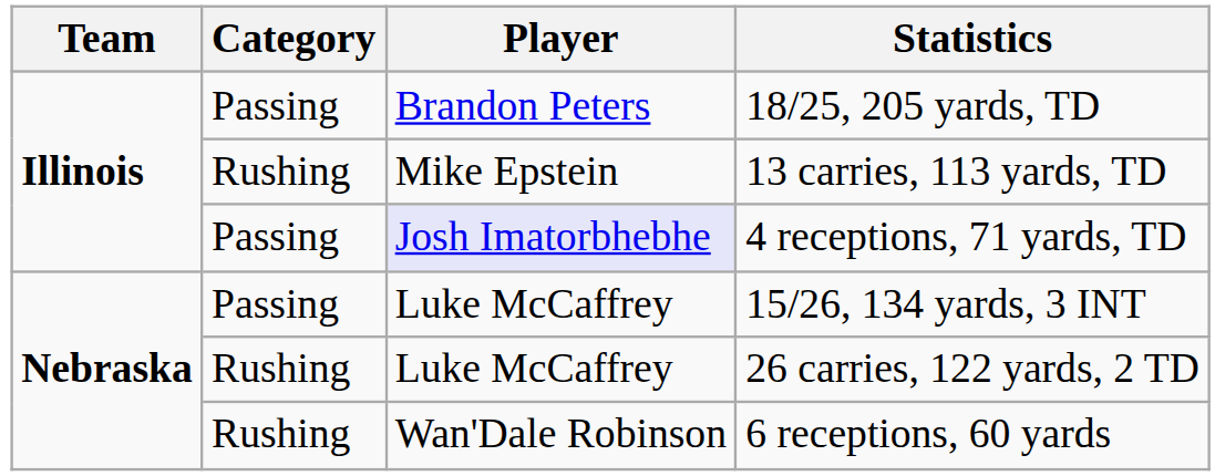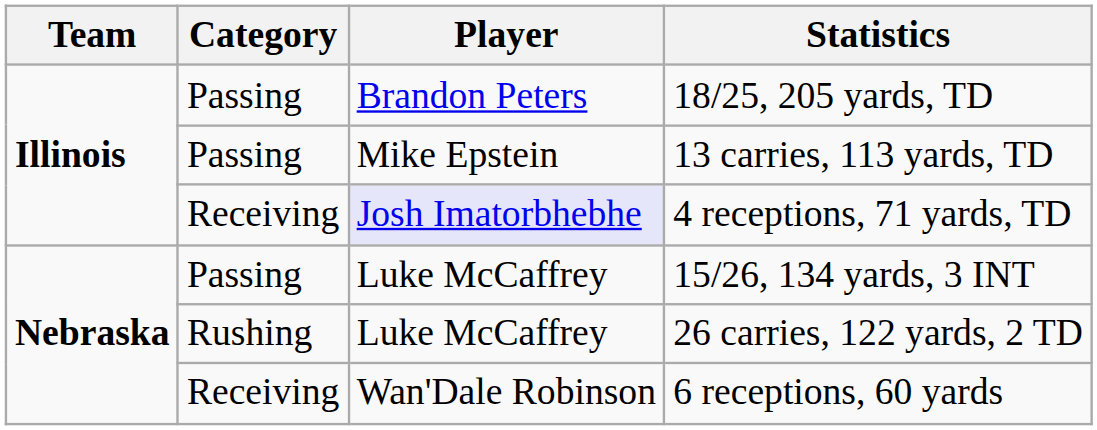 <table class="wikitable" style="float: right;">
 <tr>
 <th>Team</th>
 <th>Category</th>
 <th>Player</th>
 <th>Statistics</th>
 </tr>
 <tr>
 <td rowspan=3><strong>Illinois</strong></td>
 <td>Passing</td>
 <td><a href='#'>Brandon Peters</a></td>
 <td>18/25, 205 yards, TD</td>
 </tr>
 <tr>
-<td>Rushing</td>
+<td>Passing</td>
 <td>Mike Epstein</td>
 <td>13 carries, 113 yards, TD</td>
 </tr>
 <tr>
-<td>Passing</td>
+<td>Receiving</td>
 <td style="background: lavender;"><a href='#'>Josh Imatorbhebhe</a></td>
 <td>4 receptions, 71 yards, TD</td>
 </tr>
 <tr>
 <td rowspan=3><strong>Nebraska</strong></td>
 <td>Passing</td>
 <td>Luke McCaffrey</td>
 <td>15/26, 134 yards, 3 INT</td>
 </tr>
 <tr>
 <td>Rushing</td>
 <td>Luke McCaffrey</td>
 <td>26 carries, 122 yards, 2 TD</td>
 </tr>
 <tr>
-<td>Rushing</td>
+<td>Receiving</td>
 <td>Wan'Dale Robinson</td>
 <td>6 receptions, 60 yards</td>
 </tr>
 </table>
